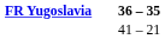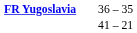 <table style="text-align:center">
 <tr>
 <th width=200></th>
 <th width=100></th>
 <th width=200></th>
 </tr>
 <tr>
 <td align=right><strong><a href='#'>FR Yugoslavia</a> </strong></td>
-<td><strong>36 – 35</strong></td>
+<td>36 – 35</td>
 <td align=left></td>
 </tr>
 <tr>
 <td align=right><strong></strong></td>
 <td>41 – 21</td>
 <td align=left></td>
 </tr>
 </table>
